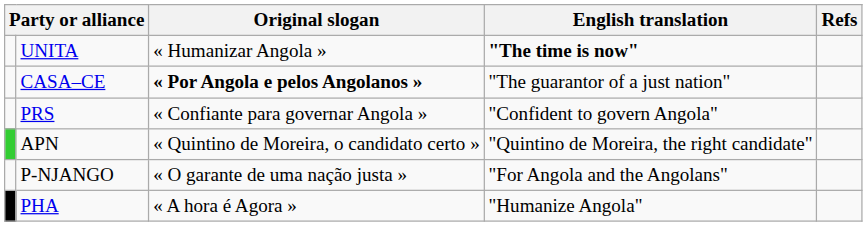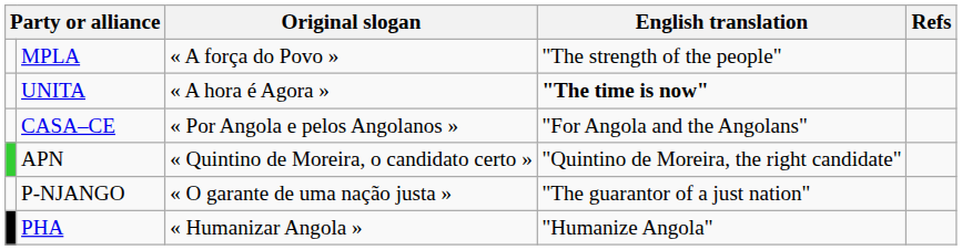 <table class="wikitable" style="font-size:97%; text-align:left;">
 <tr>
 <th style="text-align:left;" colspan="2">Party or alliance</th>
 <th>Original slogan</th>
 <th>English translation</th>
 <th>Refs</th>
 </tr>
 <tr>
+<td width="1" style="color:inherit;background:"></td>
+<td><a href='#'>MPLA</a></td>
+<td>« A força do Povo »</td>
+<td>"The strength of the people"</td>
+<td></td>
+</tr>
+<tr>
 <td style="color:inherit;background:"></td>
 <td><a href='#'>UNITA</a></td>
-<td>« Humanizar Angola »</td>
+<td>« A hora é Agora »</td>
 <td><strong>"The time is now"</strong></td>
 <td></td>
 </tr>
 <tr>
 <td style="color:inherit;background:"></td>
 <td><a href='#'>CASA–CE</a></td>
-<td><strong>« Por Angola e pelos Angolanos »</strong></td>
-<td>"The guarantor of a just nation"</td>
-<td></td>
-</tr>
-<tr>
-<td style="color:inherit;background:"></td>
-<td><a href='#'>PRS</a></td>
-<td>« Confiante para governar Angola »</td>
-<td>"Confident to govern Angola"</td>
+<td>« Por Angola e pelos Angolanos »</td>
+<td>"For Angola and the Angolans"</td>
 <td></td>
 </tr>
 <tr>
 <td style="background:#32cd32;"></td>
 <td>APN</td>
 <td>« Quintino de Moreira, o candidato certo »</td>
 <td>"Quintino de Moreira, the right candidate"</td>
 <td></td>
 </tr>
 <tr>
 <td style="background:"></td>
 <td>P-NJANGO</td>
 <td>« O garante de uma nação justa »</td>
-<td>"For Angola and the Angolans"</td>
+<td>"The guarantor of a just nation"</td>
 <td></td>
 </tr>
 <tr>
 <td style="background:#000000;"></td>
 <td><a href='#'>PHA</a></td>
-<td>« A hora é Agora »</td>
+<td>« Humanizar Angola »</td>
 <td>"Humanize Angola"</td>
 <td></td>
 </tr>
 </table>
